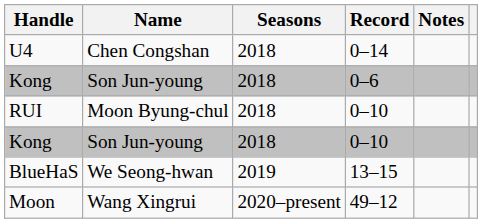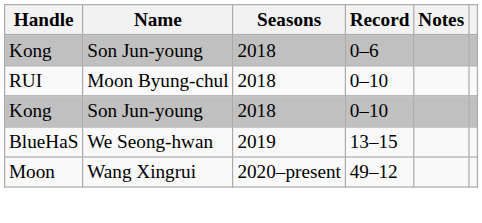 <table class="wikitable">
 <tr>
 <th style="background:#">Handle</th>
 <th style="background:#">Name</th>
 <th style="background:#">Seasons</th>
 <th style="background:#">Record</th>
 <th style="background:#">Notes</th>
 <th style="background:#"></th>
-</tr>
-<tr>
-<td>U4</td>
-<td>Chen Congshan</td>
-<td>2018</td>
-<td>0–14 </td>
-<td></td>
-<td></td>
 </tr>
 <tr style="background:silver;">
 <td>Kong</td>
 <td>Son Jun-young</td>
 <td>2018</td>
 <td>0–6 </td>
 <td></td>
 <td></td>
 </tr>
 <tr>
 <td>RUI</td>
 <td>Moon Byung-chul</td>
 <td>2018</td>
 <td>0–10 </td>
 <td></td>
 <td></td>
 </tr>
 <tr style="background:silver;">
 <td>Kong</td>
 <td>Son Jun-young</td>
 <td>2018</td>
 <td>0–10 </td>
 <td></td>
 <td></td>
 </tr>
 <tr>
 <td>BlueHaS</td>
 <td>We Seong-hwan</td>
 <td>2019</td>
 <td>13–15 </td>
 <td></td>
 <td></td>
 </tr>
 <tr>
 <td>Moon</td>
 <td>Wang Xingrui</td>
 <td>2020–present</td>
 <td>49–12 </td>
 <td></td>
 <td></td>
 </tr>
 </table>
